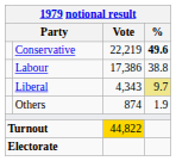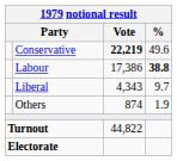 <table class="wikitable">
 <tr>
 <th colspan="4"><a href='#'>1979</a> <a href='#'>notional result</a></th>
 </tr>
 <tr>
 <th bgcolor="#DDDDFF" width="130px" colspan="2">Party</th>
 <th bgcolor="#DDDDFF" width="50px">Vote</th>
 <th bgcolor="#DDDDFF" width="30px">%</th>
 </tr>
 <tr>
 <td></td>
 <td><a href='#'>Conservative</a></td>
-<td align=right>22,219</td>
-<td align=right><strong>49.6</strong></td>
+<td align=right><strong>22,219</strong></td>
+<td align=right>49.6</td>
 </tr>
 <tr>
 <td></td>
 <td><a href='#'>Labour</a></td>
 <td align=right>17,386</td>
-<td align=right>38.8</td>
+<td align=right><strong>38.8</strong></td>
 </tr>
 <tr>
 <td></td>
 <td><a href='#'>Liberal</a></td>
 <td align=right>4,343</td>
-<td align=right style="background: khaki;">9.7</td>
+<td align=right>9.7</td>
 </tr>
 <tr>
 <td></td>
 <td>Others</td>
 <td align=right>874</td>
 <td align=right>1.9</td>
 </tr>
 <tr>
 <td colspan="4" bgcolor="#EAECF0"></td>
 </tr>
 <tr>
 <td colspan="2"><strong>Turnout</strong></td>
-<td align=right style="background: gold;">44,822</td>
+<td align=right>44,822</td>
 <td align=right></td>
 </tr>
 <tr>
 <td colspan="2"><strong>Electorate</strong></td>
 <td align=right></td>
 </tr>
 </table>
